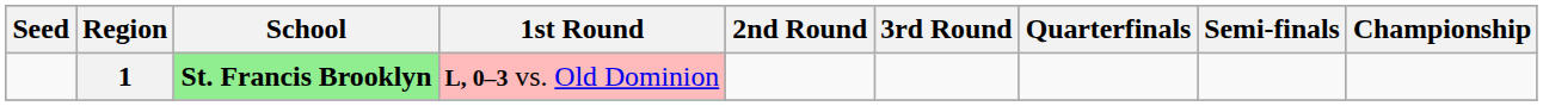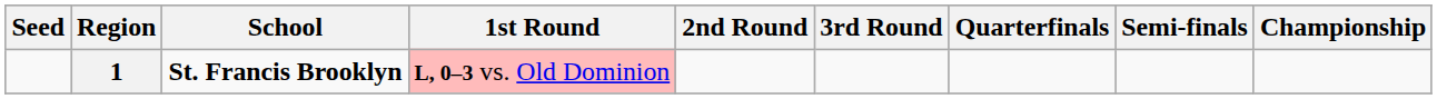 <table class="sortable wikitable" style="white-space:nowrap; font-size:90%;">
 <tr>
 <th>Seed</th>
 <th>Region</th>
 <th>School</th>
 <th>1st Round</th>
 <th>2nd Round</th>
 <th>3rd Round</th>
 <th>Quarterfinals</th>
 <th>Semi-finals</th>
 <th>Championship</th>
 </tr>
 <tr>
 <td></td>
 <th>1</th>
-<td style="background: lightgreen;"><strong>St. Francis Brooklyn</strong></td>
+<td><strong>St. Francis Brooklyn</strong></td>
 <td style="background:#fbb;"><small><strong>L, 0–3</strong></small> vs. <a href='#'>Old Dominion</a></td>
 <td></td>
 <td></td>
 <td></td>
 <td></td>
 </tr>
 </table>
